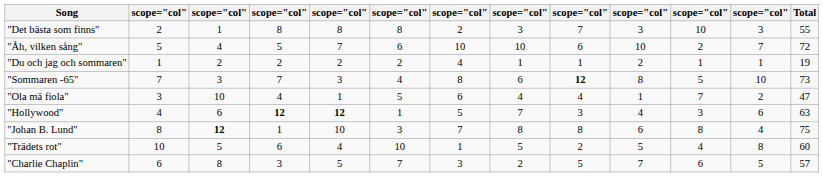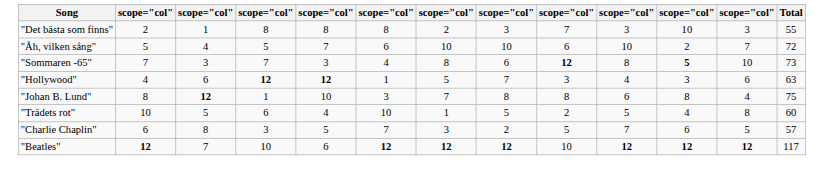 <table class="wikitable plainrowheaders" style="margin: 1em auto 1em auto; text-align:center;">
 <tr>
 <th scope="col">Song</th>
 <th>scope="col" </th>
 <th>scope="col" </th>
 <th>scope="col" </th>
 <th>scope="col" </th>
 <th>scope="col" </th>
 <th>scope="col" </th>
 <th>scope="col" </th>
 <th>scope="col" </th>
 <th>scope="col" </th>
 <th>scope="col" </th>
 <th>scope="col" </th>
 <th scope="col">Total</th>
 </tr>
 <tr --->
 <td align="left">"Det bästa som finns"</td>
 <td>2</td>
 <td>1</td>
 <td>8</td>
 <td>8</td>
 <td>8</td>
 <td>2</td>
 <td>3</td>
 <td>7</td>
 <td>3</td>
 <td>10</td>
 <td>3</td>
 <td>55</td>
 </tr>
 <tr --->
 <td align="left">"Åh, vilken sång"</td>
 <td>5</td>
 <td>4</td>
 <td>5</td>
 <td>7</td>
 <td>6</td>
 <td>10</td>
 <td>10</td>
 <td>6</td>
 <td>10</td>
 <td>2</td>
 <td>7</td>
 <td>72</td>
 </tr>
 <tr --->
-<td align="left">"Du och jag och sommaren"</td>
-<td>1</td>
-<td>2</td>
-<td>2</td>
-<td>2</td>
-<td>2</td>
-<td>4</td>
-<td>1</td>
-<td>1</td>
-<td>2</td>
-<td>1</td>
-<td>1</td>
-<td>19</td>
-</tr>
-<tr --->
 <td align="left">"Sommaren -65"</td>
 <td>7</td>
 <td>3</td>
 <td>7</td>
 <td>3</td>
 <td>4</td>
 <td>8</td>
 <td>6</td>
 <td><strong>12</strong></td>
 <td>8</td>
-<td>5</td>
+<td><strong>5</strong></td>
 <td>10</td>
 <td>73</td>
-</tr>
-<tr --->
-<td align="left">"Ola mä fiola"</td>
-<td>3</td>
-<td>10</td>
-<td>4</td>
-<td>1</td>
-<td>5</td>
-<td>6</td>
-<td>4</td>
-<td>4</td>
-<td>1</td>
-<td>7</td>
-<td>2</td>
-<td>47</td>
 </tr>
 <tr --->
 <td align="left">"Hollywood"</td>
 <td>4</td>
 <td>6</td>
 <td><strong>12</strong></td>
 <td><strong>12</strong></td>
 <td>1</td>
 <td>5</td>
 <td>7</td>
 <td>3</td>
 <td>4</td>
 <td>3</td>
 <td>6</td>
 <td>63</td>
 </tr>
 <tr --->
 <td align="left">"Johan B. Lund"</td>
 <td>8</td>
 <td><strong>12</strong></td>
 <td>1</td>
 <td>10</td>
 <td>3</td>
 <td>7</td>
 <td>8</td>
 <td>8</td>
 <td>6</td>
 <td>8</td>
 <td>4</td>
 <td>75</td>
 </tr>
 <tr --->
 <td align="left">"Trädets rot"</td>
 <td>10</td>
 <td>5</td>
 <td>6</td>
 <td>4</td>
 <td>10</td>
 <td>1</td>
 <td>5</td>
 <td>2</td>
 <td>5</td>
 <td>4</td>
 <td>8</td>
 <td>60</td>
 </tr>
 <tr --->
 <td align="left">"Charlie Chaplin"</td>
 <td>6</td>
 <td>8</td>
 <td>3</td>
 <td>5</td>
 <td>7</td>
 <td>3</td>
 <td>2</td>
 <td>5</td>
 <td>7</td>
 <td>6</td>
 <td>5</td>
 <td>57</td>
 </tr>
+<tr --->
+<td align="left">"Beatles"</td>
+<td><strong>12</strong></td>
+<td>7</td>
+<td>10</td>
+<td>6</td>
+<td><strong>12</strong></td>
+<td><strong>12</strong></td>
+<td><strong>12</strong></td>
+<td>10</td>
+<td><strong>12</strong></td>
+<td><strong>12</strong></td>
+<td><strong>12</strong></td>
+<td>117</td>
+</tr>
 </table>
